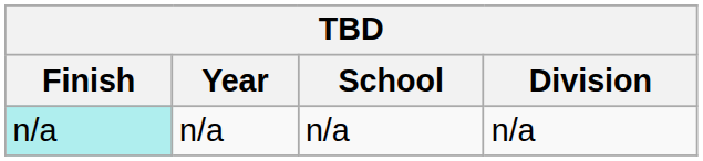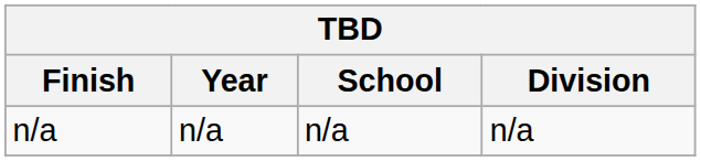 <table class="wikitable" width="350">
 <tr>
 <th colspan=4>TBD</th>
 </tr>
 <tr>
 <th>Finish</th>
 <th>Year</th>
 <th>School</th>
 <th>Division</th>
 </tr>
 <tr>
-<td style="background: paleturquoise;">n/a</td>
+<td>n/a</td>
 <td>n/a</td>
 <td>n/a</td>
 <td>n/a</td>
 </tr>
 </table>
